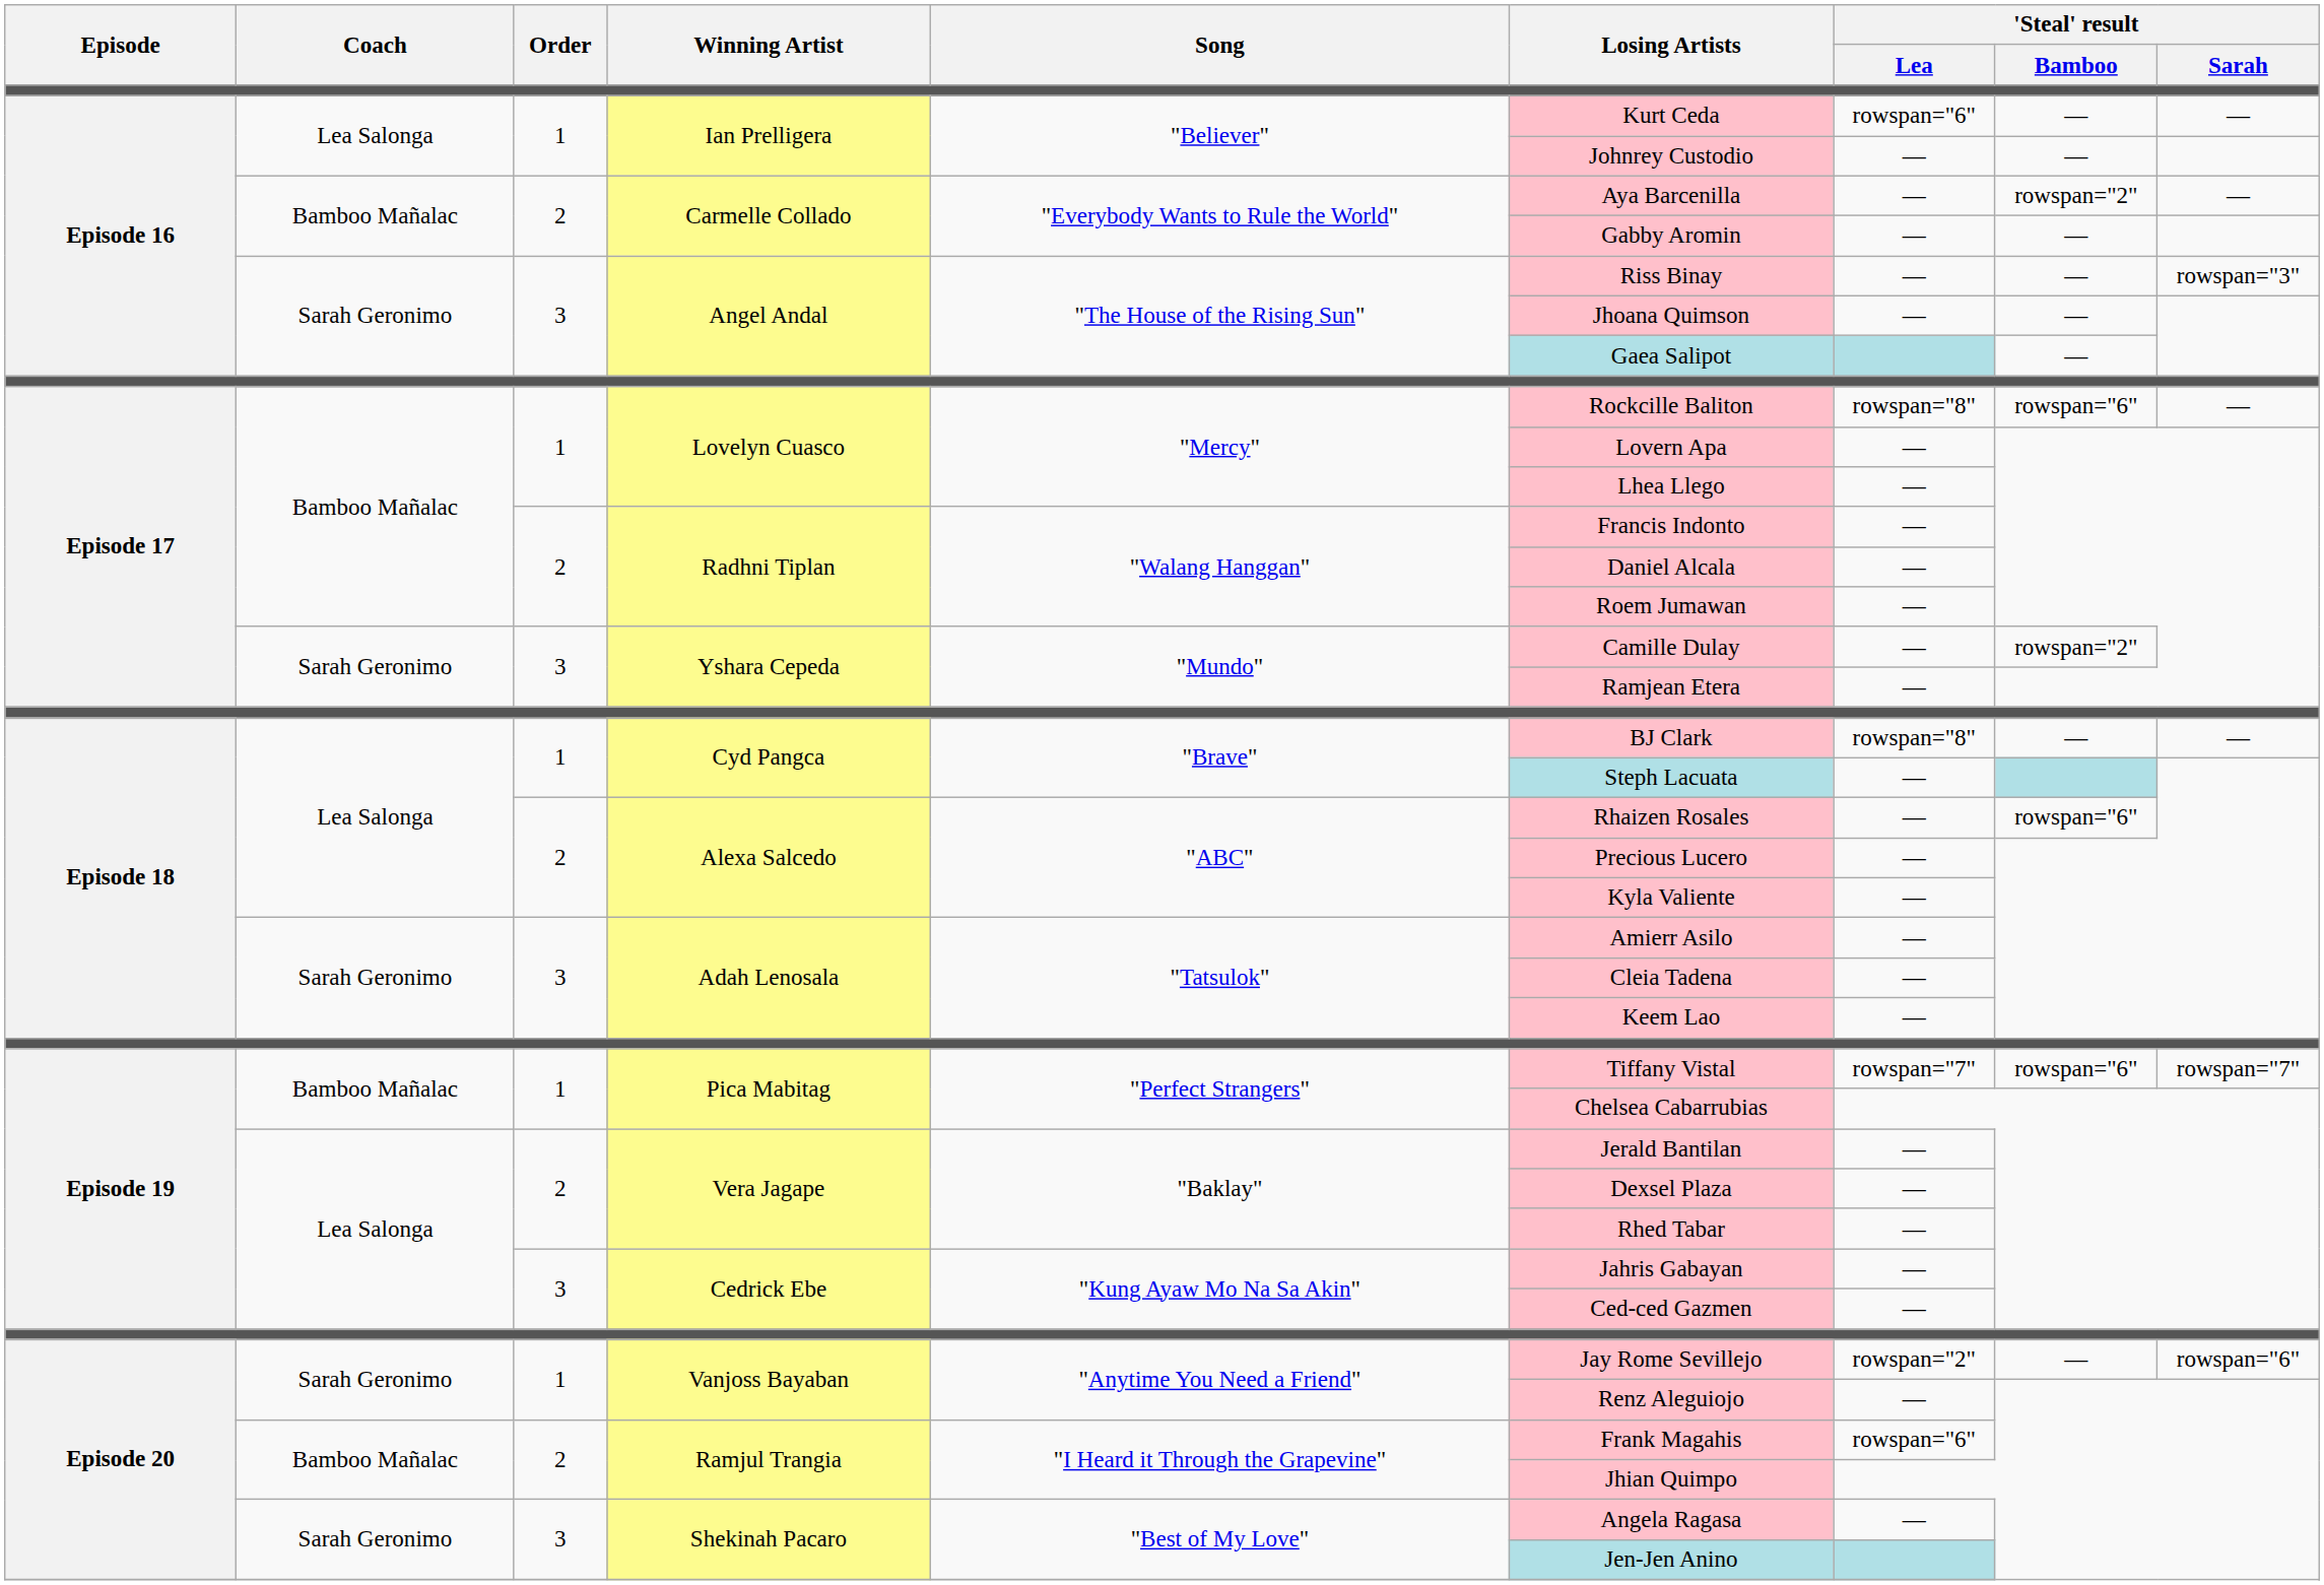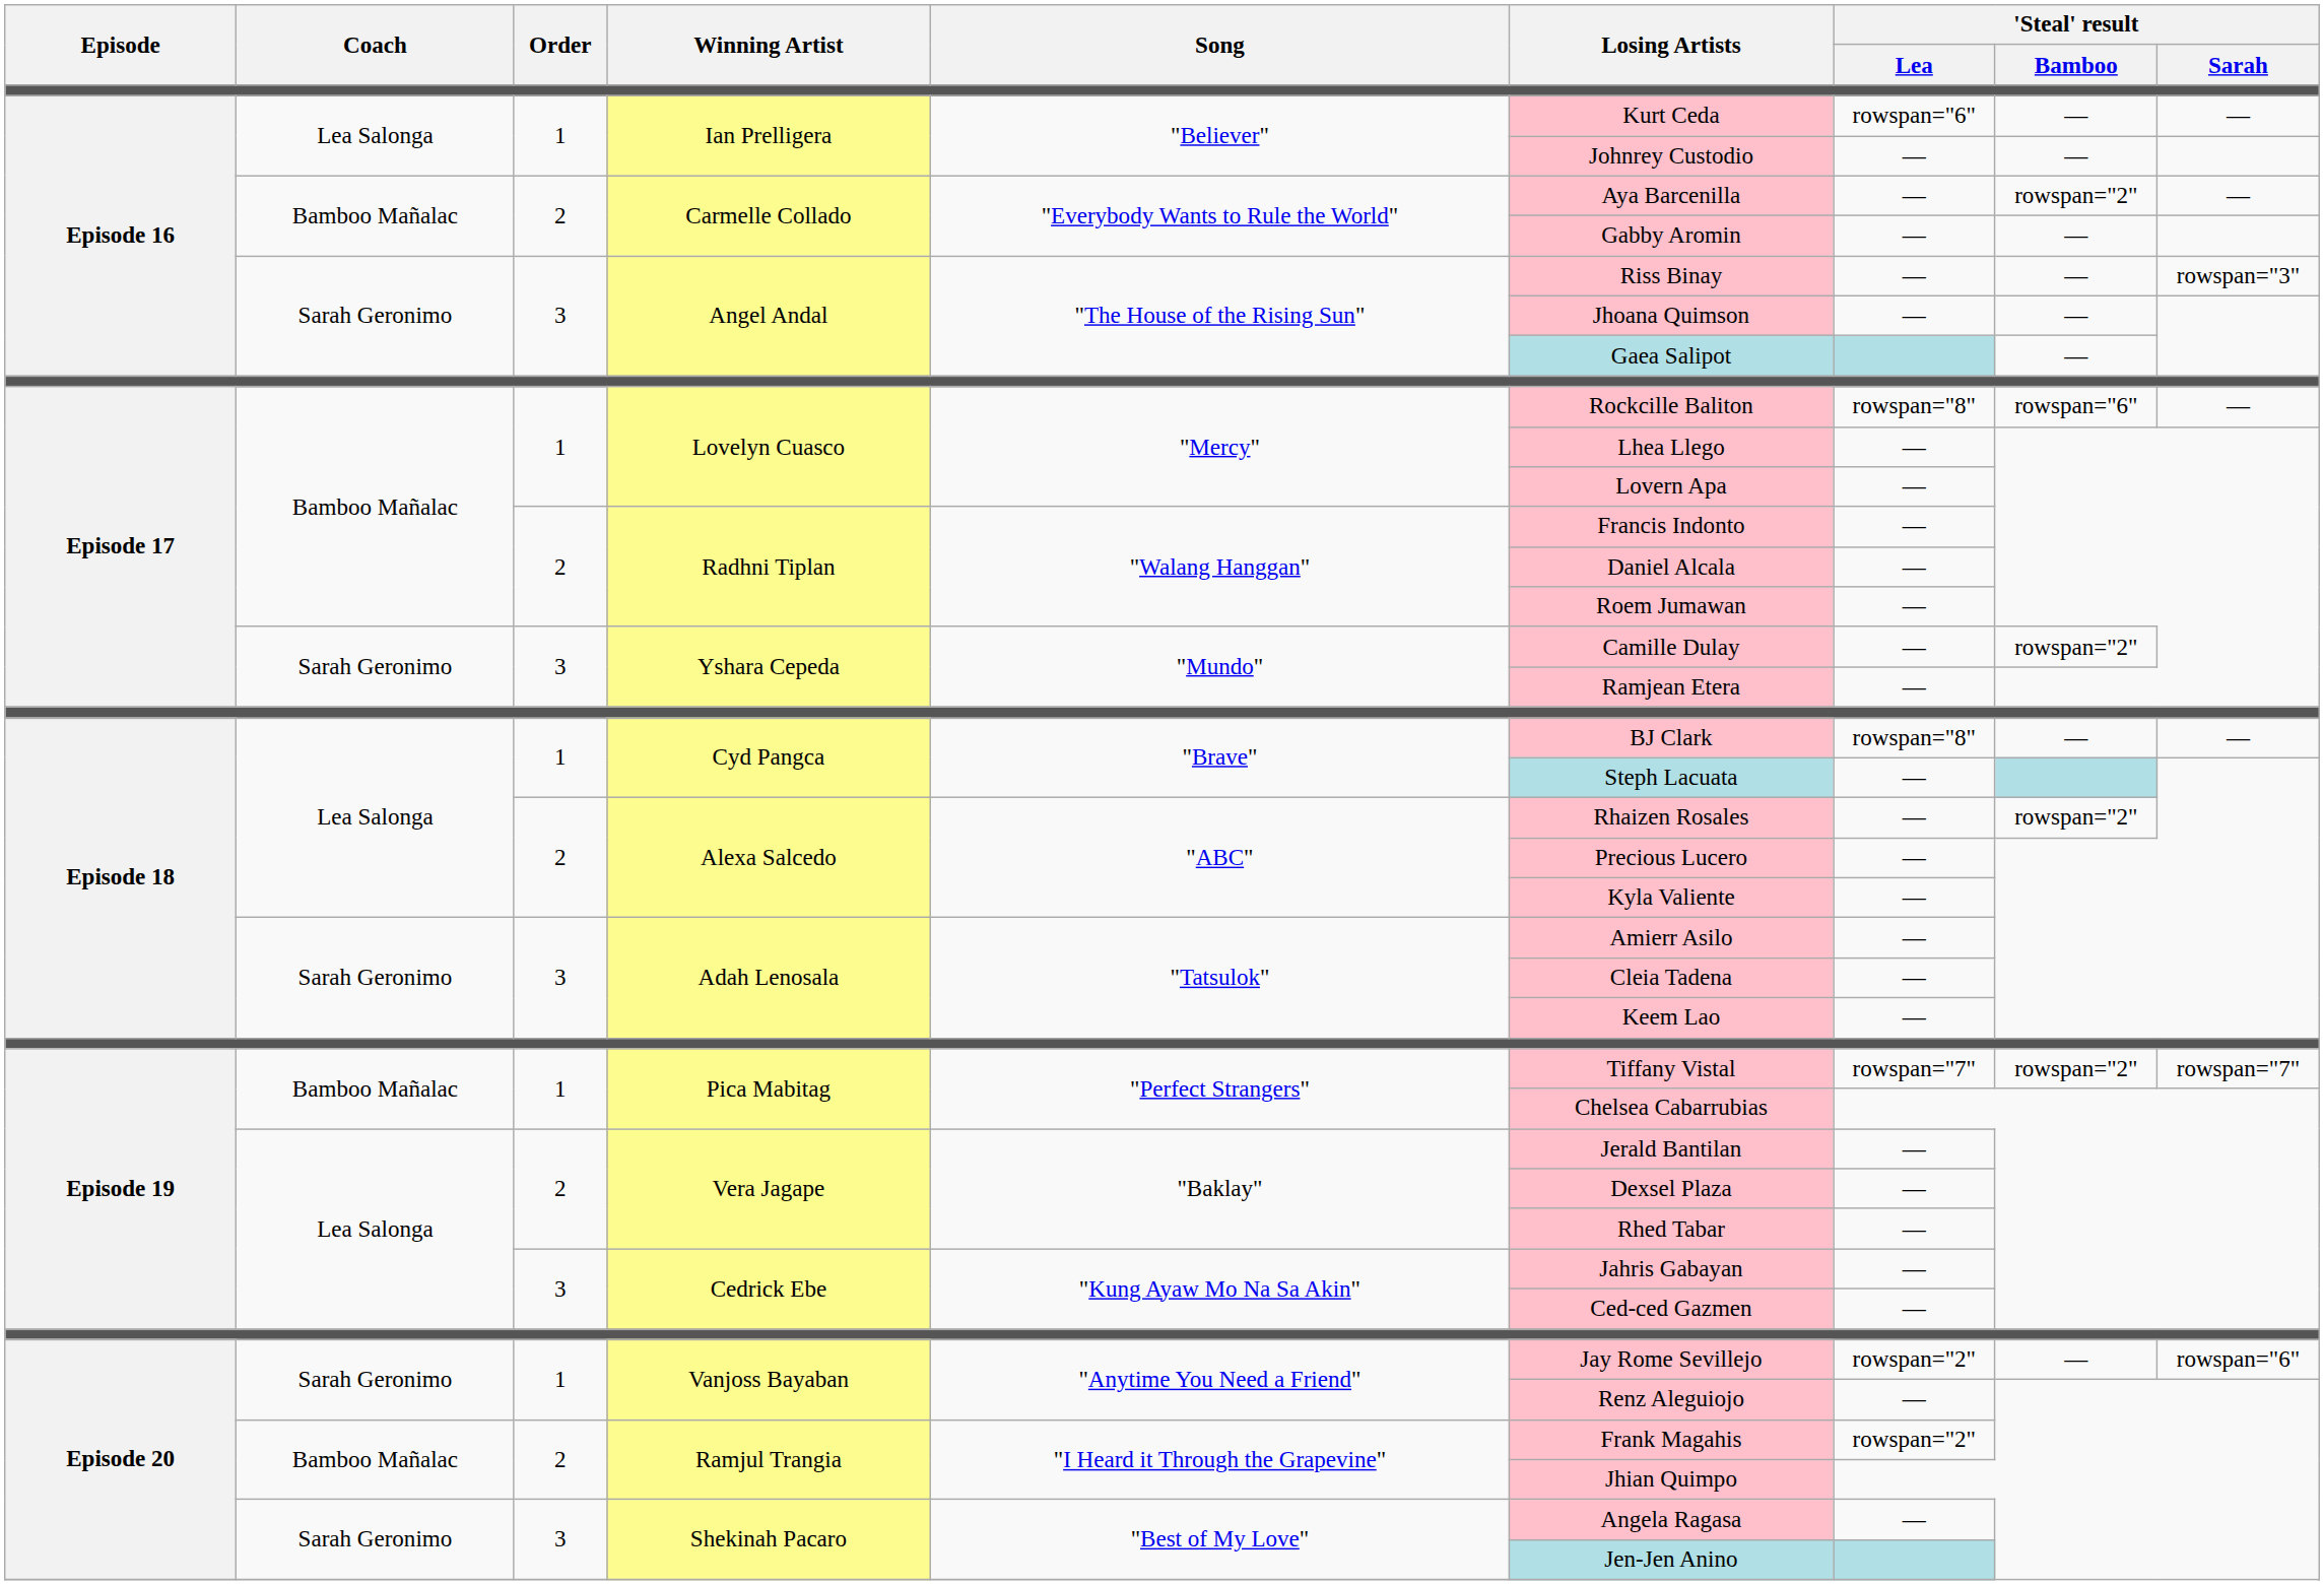 <table class="wikitable" style="text-align: center; line-height:20px;width:100%;">
 <tr>
 <th rowspan="2" style="width:10%;">Episode</th>
 <th rowspan="2" style="width:12%;">Coach</th>
 <th rowspan="2" style="width:04%;">Order</th>
 <th rowspan="2" style="width:14%;">Winning Artist</th>
 <th rowspan="2" style="width:25%;">Song</th>
 <th rowspan="2" style="width:14%;">Losing Artists</th>
 <th colspan="3" style="width:21%;">'Steal' result</th>
 </tr>
 <tr>
 <th style="width:07%;"><a href='#'>Lea</a></th>
 <th style="width:07%;"><a href='#'>Bamboo</a></th>
 <th style="width:07%;"><a href='#'>Sarah</a></th>
 </tr>
 <tr>
 <td colspan="9" style="background:#555;"></td>
 </tr>
 <tr>
 <th rowspan="7">Episode 16 <small></small></th>
 <td rowspan="2">Lea Salonga</td>
 <td rowspan="2">1</td>
 <td rowspan="2" style="background:#fdfc8f";>Ian Prelligera</td>
 <td rowspan="2">"<a href='#'>Believer</a>"</td>
 <td style="background:pink";>Kurt Ceda</td>
 <td>rowspan="6" </td>
 <td>—</td>
 <td>—</td>
 </tr>
 <tr>
 <td style="background:pink";>Johnrey Custodio</td>
 <td>—</td>
 <td>—</td>
 </tr>
 <tr>
 <td rowspan="2">Bamboo Mañalac</td>
 <td rowspan="2">2</td>
 <td rowspan="2" style="background:#fdfc8f";>Carmelle Collado</td>
 <td rowspan="2">"<a href='#'>Everybody Wants to Rule the World</a>"</td>
 <td style="background:pink";>Aya Barcenilla</td>
 <td>—</td>
 <td>rowspan="2" </td>
 <td>—</td>
 </tr>
 <tr>
 <td style="background:pink";>Gabby Aromin</td>
 <td>—</td>
 <td>—</td>
 </tr>
 <tr>
 <td rowspan="3">Sarah Geronimo</td>
 <td rowspan="3">3</td>
 <td rowspan="3" style="background:#fdfc8f" ;>Angel Andal</td>
 <td rowspan="3">"<a href='#'>The House of the Rising Sun</a>"</td>
 <td style="background:pink";>Riss Binay</td>
 <td>—</td>
 <td>—</td>
 <td>rowspan="3" </td>
 </tr>
 <tr>
 <td style="background:pink" ;>Jhoana Quimson</td>
 <td>—</td>
 <td>—</td>
 </tr>
 <tr>
 <td style="background:#b0e0e6" ;>Gaea Salipot</td>
 <td style="background:#b0e0e6" ;><strong></strong></td>
 <td>—</td>
 </tr>
 <tr>
 <td colspan="9" style="background:#555;"></td>
 </tr>
 <tr>
 <th rowspan="8">Episode 17 <small></small></th>
 <td rowspan="6">Bamboo Mañalac</td>
 <td rowspan="3">1</td>
 <td rowspan="3" style="background:#fdfc8f" ;>Lovelyn Cuasco</td>
 <td rowspan="3">"<a href='#'>Mercy</a>"</td>
 <td style="background:pink";>Rockcille Baliton</td>
 <td>rowspan="8" </td>
 <td>rowspan="6" </td>
 <td>—</td>
 </tr>
 <tr>
-<td style="background:pink";>Lovern Apa</td>
+<td style="background:pink";>Lhea Llego</td>
 <td>—</td>
 </tr>
 <tr>
-<td style="background:pink";>Lhea Llego</td>
+<td style="background:pink";>Lovern Apa</td>
 <td>—</td>
 </tr>
 <tr>
 <td rowspan="3">2</td>
 <td rowspan="3" style="background:#fdfc8f" ;>Radhni Tiplan</td>
 <td rowspan="3">"<a href='#'>Walang Hanggan</a>"</td>
 <td style="background:pink" ;>Francis Indonto</td>
 <td>—</td>
 </tr>
 <tr>
 <td style="background:pink";>Daniel Alcala</td>
 <td>—</td>
 </tr>
 <tr>
 <td style="background:pink" ;>Roem Jumawan</td>
 <td>—</td>
 </tr>
 <tr>
 <td rowspan="2">Sarah Geronimo</td>
 <td rowspan="2">3</td>
 <td rowspan="2" style="background:#fdfc8f" ;>Yshara Cepeda</td>
 <td rowspan="2">"<a href='#'>Mundo</a>"</td>
 <td style="background:pink" ;>Camille Dulay</td>
 <td>—</td>
 <td>rowspan="2" </td>
 </tr>
 <tr>
 <td style="background:pink" ;>Ramjean Etera</td>
 <td>—</td>
 </tr>
 <tr>
 <td colspan="9" style="background:#555;"></td>
 </tr>
 <tr>
 <th rowspan="8">Episode 18 <small></small></th>
 <td rowspan="5">Lea Salonga</td>
 <td rowspan="2">1</td>
 <td rowspan="2" style="background:#fdfc8f";>Cyd Pangca</td>
 <td rowspan="2">"<a href='#'>Brave</a>"</td>
 <td style="background:pink";>BJ Clark</td>
 <td>rowspan="8" </td>
 <td>—</td>
 <td>—</td>
 </tr>
 <tr>
 <td style="background:#b0e0e6" ;>Steph Lacuata</td>
 <td>—</td>
 <td style="background:#b0e0e6" ;><strong></strong></td>
 </tr>
 <tr>
 <td rowspan="3">2</td>
 <td rowspan="3" style="background:#fdfc8f" ;>Alexa Salcedo</td>
 <td rowspan="3">"<a href='#'>ABC</a>"</td>
 <td style="background:pink" ;>Rhaizen Rosales</td>
 <td>—</td>
-<td>rowspan="6" </td>
+<td>rowspan="2" </td>
 </tr>
 <tr>
 <td style="background:pink" ;>Precious Lucero</td>
 <td>—</td>
 </tr>
 <tr>
 <td style="background:pink" ;>Kyla Valiente</td>
 <td>—</td>
 </tr>
 <tr>
 <td rowspan="3">Sarah Geronimo</td>
 <td rowspan="3">3</td>
 <td rowspan="3" style="background:#fdfc8f" ;>Adah Lenosala</td>
 <td rowspan="3">"<a href='#'>Tatsulok</a>"</td>
 <td style="background:pink" ;>Amierr Asilo</td>
 <td>—</td>
 </tr>
 <tr>
 <td style="background:pink" ;>Cleia Tadena</td>
 <td>—</td>
 </tr>
 <tr>
 <td style="background:pink" ;>Keem Lao</td>
 <td>—</td>
 </tr>
 <tr>
 <td colspan="9" style="background:#555;"></td>
 </tr>
 <tr>
 <th rowspan="7">Episode 19 <small></small></th>
 <td rowspan="2">Bamboo Mañalac</td>
 <td rowspan="2">1</td>
 <td rowspan="2" style="background:#fdfc8f";>Pica Mabitag</td>
 <td rowspan="2">"<a href='#'>Perfect Strangers</a>"</td>
 <td style="background:pink";>Tiffany Vistal</td>
 <td>rowspan="7" </td>
-<td>rowspan="6" </td>
+<td>rowspan="2" </td>
 <td>rowspan="7" </td>
 </tr>
 <tr>
 <td style="background:pink";>Chelsea Cabarrubias</td>
 </tr>
 <tr>
 <td rowspan="5">Lea Salonga</td>
 <td rowspan="3">2</td>
 <td rowspan="3" style="background:#fdfc8f" ;>Vera Jagape</td>
 <td rowspan="3">"Baklay"</td>
 <td style="background:pink";>Jerald Bantilan</td>
 <td>—</td>
 </tr>
 <tr>
 <td style="background:pink";>Dexsel Plaza</td>
 <td>—</td>
 </tr>
 <tr>
 <td style="background:pink" ;>Rhed Tabar</td>
 <td>—</td>
 </tr>
 <tr>
 <td rowspan="2">3</td>
 <td rowspan="2" style="background:#fdfc8f" ;>Cedrick Ebe</td>
 <td rowspan="2">"<a href='#'>Kung Ayaw Mo Na Sa Akin</a>"</td>
 <td style="background:pink" ;>Jahris Gabayan</td>
 <td>—</td>
 </tr>
 <tr>
 <td style="background:pink" ;>Ced-ced Gazmen</td>
 <td>—</td>
 </tr>
 <tr>
 <td colspan="9" style="background:#555;"></td>
 </tr>
 <tr>
 <th rowspan="6">Episode 20 <small></small></th>
 <td rowspan="2">Sarah Geronimo</td>
 <td rowspan="2">1</td>
 <td rowspan="2" style="background:#fdfc8f";>Vanjoss Bayaban</td>
 <td rowspan="2">"<a href='#'>Anytime You Need a Friend</a>"</td>
 <td style="background:pink";>Jay Rome Sevillejo</td>
 <td>rowspan="2" </td>
 <td>—</td>
 <td>rowspan="6" </td>
 </tr>
 <tr>
 <td style="background:pink";>Renz Aleguiojo</td>
 <td>—</td>
 </tr>
 <tr>
 <td rowspan="2">Bamboo Mañalac</td>
 <td rowspan="2">2</td>
 <td rowspan="2" style="background:#fdfc8f";>Ramjul Trangia</td>
 <td rowspan="2">"<a href='#'>I Heard it Through the Grapevine</a>"</td>
 <td style="background:pink";>Frank Magahis</td>
-<td>rowspan="6" </td>
+<td>rowspan="2" </td>
 </tr>
 <tr>
 <td style="background:pink";>Jhian Quimpo</td>
 </tr>
 <tr>
 <td rowspan="2">Sarah Geronimo</td>
 <td rowspan="2">3</td>
 <td rowspan="2" style="background:#fdfc8f";>Shekinah Pacaro</td>
 <td rowspan="2">"<a href='#'>Best of My Love</a>"</td>
 <td style="background:pink";>Angela Ragasa</td>
 <td>—</td>
 </tr>
 <tr>
 <td style="background:#b0e0e6" ;>Jen-Jen Anino</td>
 <td style="background:#b0e0e6" ;><strong></strong></td>
 </tr>
 <tr>
 </tr>
 </table>
